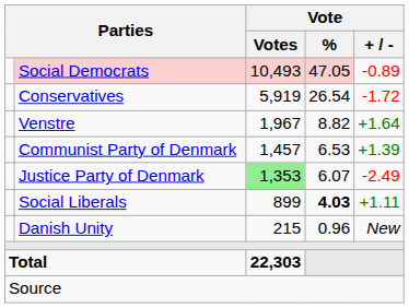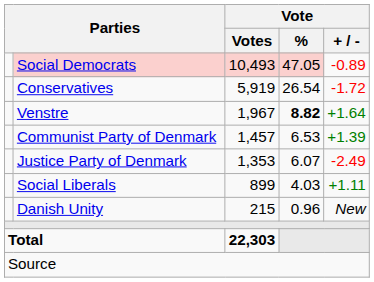 <table class="wikitable" style="text-align:right;">
 <tr>
 <th style="text-align:centre;" rowspan="2" colspan="2" width="225">Parties</th>
 <th colspan="3">Vote</th>
 </tr>
 <tr>
 <th width="15">Votes</th>
 <th width="15">%</th>
 <th width="15">+ / -</th>
 </tr>
 <tr>
 <td width="2" style="color:inherit;background:"></td>
 <td bgcolor=#fbd0ce  align="left"><a href='#'>Social Democrats</a></td>
 <td bgcolor=#fbd0ce>10,493</td>
 <td bgcolor=#fbd0ce>47.05</td>
 <td style=color:red;>-0.89</td>
 </tr>
 <tr>
 <td width="2" style="color:inherit;background:"></td>
 <td align="left"><a href='#'>Conservatives</a></td>
 <td>5,919</td>
 <td>26.54</td>
 <td style=color:red;>-1.72</td>
 </tr>
 <tr>
 <td width="2" style="color:inherit;background:"></td>
 <td align="left"><a href='#'>Venstre</a></td>
 <td>1,967</td>
-<td>8.82</td>
+<td><strong>8.82</strong></td>
 <td style=color:green;>+1.64</td>
 </tr>
 <tr>
 <td width="2" style="color:inherit;background:"></td>
 <td align="left"><a href='#'>Communist Party of Denmark</a></td>
 <td>1,457</td>
 <td>6.53</td>
 <td style=color:green;>+1.39</td>
 </tr>
 <tr>
 <td width="2" style="color:inherit;background:"></td>
 <td align="left"><a href='#'>Justice Party of Denmark</a></td>
-<td style="background: lightgreen;">1,353</td>
+<td>1,353</td>
 <td>6.07</td>
 <td style=color:red;>-2.49</td>
 </tr>
 <tr>
 <td width="2" style="color:inherit;background:"></td>
 <td align="left"><a href='#'>Social Liberals</a></td>
 <td>899</td>
-<td><strong>4.03</strong></td>
+<td>4.03</td>
 <td style=color:green;>+1.11</td>
 </tr>
 <tr>
 <td width="2" style="color:inherit;background:"></td>
 <td align="left"><a href='#'>Danish Unity</a></td>
 <td>215</td>
 <td>0.96</td>
 <td><em>New</em></td>
 </tr>
 <tr>
 <td colspan="7" bgcolor="#E9E9E9"></td>
 </tr>
 <tr>
 <td align="left" colspan="2"><strong>Total</strong></td>
 <td><strong>22,303</strong></td>
 <td bgcolor="#E9E9E9" colspan="2"></td>
 </tr>
 <tr>
 <td align="left" colspan="6">Source</td>
 </tr>
 </table>
